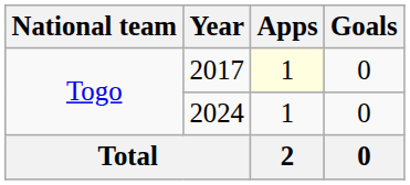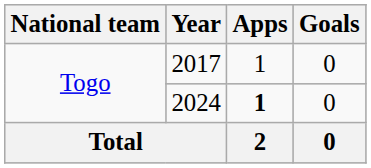 <table class="wikitable" style="text-align:center">
 <tr>
 <th>National team</th>
 <th>Year</th>
 <th>Apps</th>
 <th>Goals</th>
 </tr>
 <tr>
 <td rowspan="2"><a href='#'>Togo</a></td>
 <td>2017</td>
-<td style="background: lightyellow;">1</td>
+<td>1</td>
 <td>0</td>
 </tr>
 <tr>
 <td>2024</td>
-<td>1</td>
+<td><strong>1</strong></td>
 <td>0</td>
 </tr>
 <tr>
 <th colspan="2">Total</th>
 <th>2</th>
 <th>0</th>
 </tr>
 </table>
